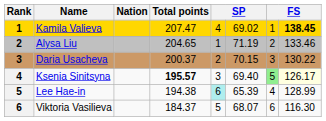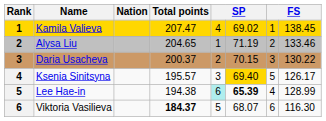 <table class="wikitable sortable">
 <tr>
 <th>Rank</th>
 <th>Name</th>
 <th>Nation</th>
 <th>Total points</th>
 <th width="80" colspan="2"><a href='#'>SP</a></th>
 <th width="80" colspan="2"><a href='#'>FS</a></th>
 </tr>
 <tr bgcolor="gold">
 <td align="center"><strong>1</strong></td>
 <td><a href='#'>Kamila Valieva</a></td>
 <td></td>
 <td align="center">207.47</td>
 <td align="center">4</td>
 <td align="center">69.02</td>
 <td align="center">1</td>
-<td align="center"><strong>138.45</strong></td>
+<td align="center">138.45</td>
 </tr>
 <tr bgcolor="silver">
 <td align="center"><strong>2</strong></td>
 <td><a href='#'>Alysa Liu</a></td>
 <td></td>
 <td align="center">204.65</td>
 <td align="center">1</td>
 <td align="center">71.19</td>
 <td align="center">2</td>
 <td align="center">133.46</td>
 </tr>
 <tr bgcolor="#cc9966">
 <td align="center"><strong>3</strong></td>
 <td><a href='#'>Daria Usacheva</a></td>
 <td></td>
 <td align="center">200.37</td>
 <td align="center">2</td>
 <td align="center">70.15</td>
 <td align="center">3</td>
 <td align="center">130.22</td>
 </tr>
 <tr>
 <th>4</th>
 <td><a href='#'>Ksenia Sinitsyna</a></td>
 <td></td>
-<td align="center"><strong>195.57</strong></td>
+<td align="center">195.57</td>
 <td align="center">3</td>
-<td align="center">69.40</td>
-<td align="center" style="background: lightgreen;">5</td>
-<td align="center" style="background: lightyellow;">126.17</td>
+<td align="center" style="background: gold;">69.40</td>
+<td align="center">5</td>
+<td align="center">126.17</td>
 </tr>
 <tr>
 <th>5</th>
 <td><a href='#'>Lee Hae-in</a></td>
 <td></td>
 <td align="center">194.38</td>
 <td align="center" style="background: paleturquoise;">6</td>
-<td align="center">65.39</td>
+<td align="center"><strong>65.39</strong></td>
 <td align="center">4</td>
 <td align="center">128.99</td>
 </tr>
 <tr>
 <th>6</th>
 <td>Viktoria Vasilieva</td>
 <td></td>
-<td align="center">184.37</td>
+<td align="center"><strong>184.37</strong></td>
 <td align="center">5</td>
 <td align="center">68.07</td>
 <td align="center">6</td>
 <td align="center">116.30</td>
 </tr>
 </table>
